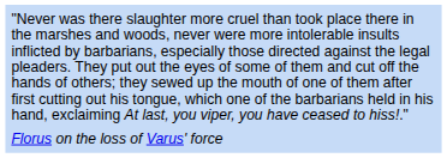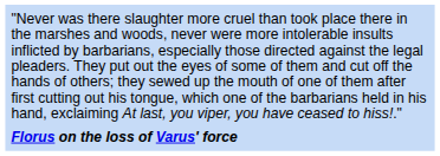 <table class="toccolours" style="float: left; margin-left: 1em; margin-right: 2em; font-size: 85%; background:#c6dbf7; color:black; width:30em; max-width: 40%;" cellspacing="5">
 <tr>
 <td style="text-align: left;">"Never was there slaughter more cruel than took place there in the marshes and woods, never were more intolerable insults inflicted by barbarians, especially those directed against the legal pleaders. They put out the eyes of some of them and cut off the hands of others; they sewed up the mouth of one of them after first cutting out his tongue, which one of the barbarians held in his hand, exclaiming <em>At last, you viper, you have ceased to hiss!</em>."</td>
 </tr>
 <tr>
-<td style="text-align: left;"><em><a href='#'>Florus</a> on the loss of <a href='#'>Varus</a>' force</em></td>
+<td style="text-align: left;"><strong><em><a href='#'>Florus</a> on the loss of <a href='#'>Varus</a>' force</em></strong></td>
 </tr>
 </table>
